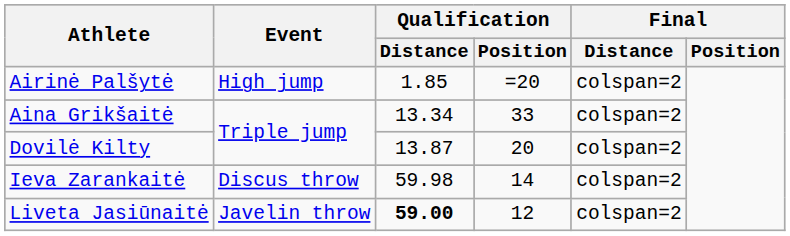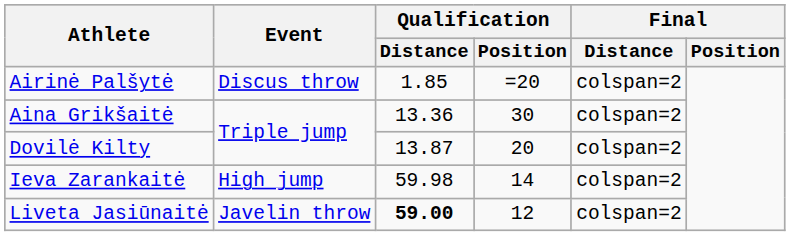 <table class=wikitable style=font-size:90%>
 <tr>
 <th rowspan=2>Athlete</th>
 <th rowspan=2>Event</th>
 <th colspan=2>Qualification</th>
 <th colspan=2>Final</th>
 </tr>
 <tr style=font-size:95%>
 <th>Distance</th>
 <th>Position</th>
 <th>Distance</th>
 <th>Position</th>
 </tr>
 <tr align=center>
 <td align=left><a href='#'>Airinė Palšytė</a></td>
-<td align=left><a href='#'>High jump</a></td>
+<td align=left><a href='#'>Discus throw</a></td>
 <td>1.85</td>
 <td>=20</td>
 <td>colspan=2 </td>
 </tr>
 <tr align=center>
 <td align=left><a href='#'>Aina Grikšaitė</a></td>
 <td align=left rowspan=2><a href='#'>Triple jump</a></td>
-<td>13.34</td>
-<td>33</td>
+<td>13.36</td>
+<td>30</td>
 <td>colspan=2 </td>
 </tr>
 <tr align=center>
 <td align=left><a href='#'>Dovilė Kilty</a></td>
 <td>13.87</td>
 <td>20</td>
 <td>colspan=2 </td>
 </tr>
 <tr align=center>
 <td align=left><a href='#'>Ieva Zarankaitė</a></td>
-<td align=left><a href='#'>Discus throw</a></td>
+<td align=left><a href='#'>High jump</a></td>
 <td>59.98</td>
 <td>14</td>
 <td>colspan=2 </td>
 </tr>
 <tr align=center>
 <td align=left><a href='#'>Liveta Jasiūnaitė</a></td>
 <td align=left><a href='#'>Javelin throw</a></td>
 <td><strong>59.00</strong></td>
 <td>12</td>
 <td>colspan=2 </td>
 </tr>
 </table>
